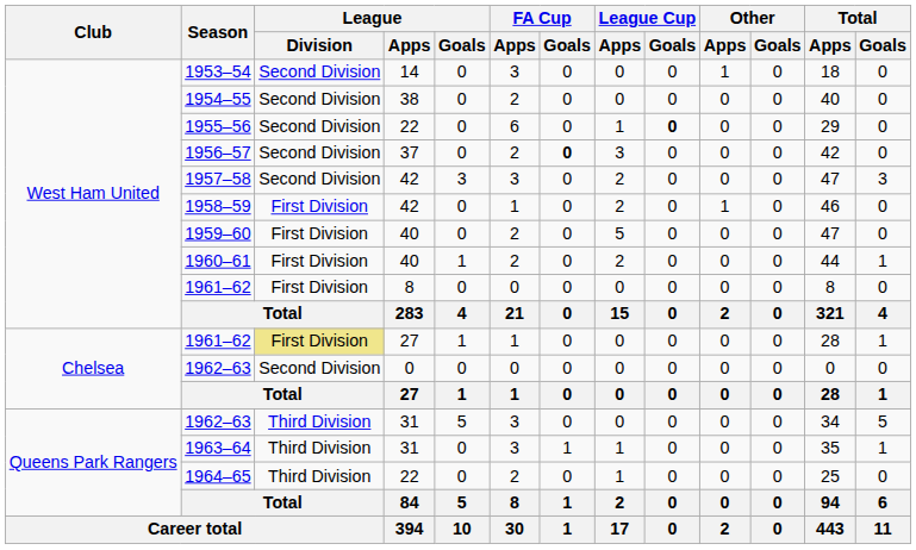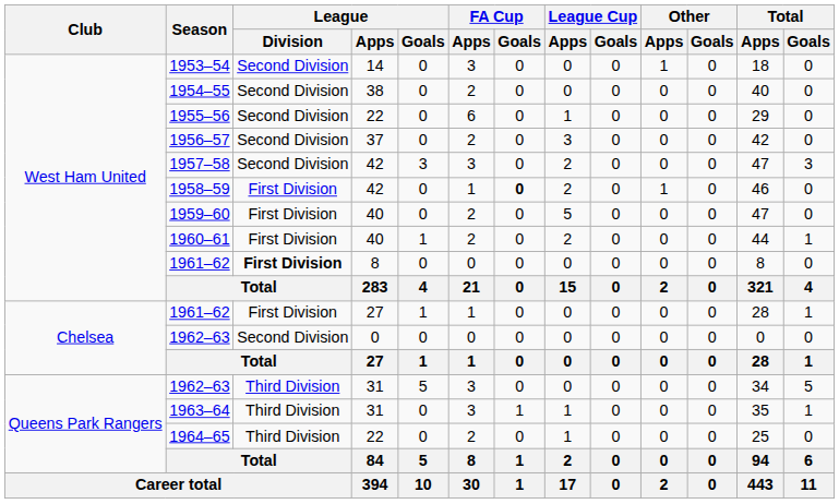 <table class="wikitable" style="text-align:center">
 <tr>
 <th rowspan="2">Club</th>
 <th rowspan="2">Season</th>
 <th colspan="3">League</th>
 <th colspan="2"><a href='#'>FA Cup</a></th>
 <th colspan="2"><a href='#'>League Cup</a></th>
 <th colspan="2">Other</th>
 <th colspan="2">Total</th>
 </tr>
 <tr>
 <th>Division</th>
 <th>Apps</th>
 <th>Goals</th>
 <th>Apps</th>
 <th>Goals</th>
 <th>Apps</th>
 <th>Goals</th>
 <th>Apps</th>
 <th>Goals</th>
 <th>Apps</th>
 <th>Goals</th>
 </tr>
 <tr>
 <td rowspan="10"><a href='#'>West Ham United</a></td>
 <td><a href='#'>1953–54</a></td>
 <td><a href='#'>Second Division</a></td>
 <td>14</td>
 <td>0</td>
 <td>3</td>
 <td>0</td>
 <td>0</td>
 <td>0</td>
 <td>1</td>
 <td>0</td>
 <td>18</td>
 <td>0</td>
 </tr>
 <tr>
 <td><a href='#'>1954–55</a></td>
 <td>Second Division</td>
 <td>38</td>
 <td>0</td>
 <td>2</td>
 <td>0</td>
 <td>0</td>
 <td>0</td>
 <td>0</td>
 <td>0</td>
 <td>40</td>
 <td>0</td>
 </tr>
 <tr>
 <td><a href='#'>1955–56</a></td>
 <td>Second Division</td>
 <td>22</td>
 <td>0</td>
 <td>6</td>
 <td>0</td>
 <td>1</td>
-<td><strong>0</strong></td>
+<td>0</td>
 <td>0</td>
 <td>0</td>
 <td>29</td>
 <td>0</td>
 </tr>
 <tr>
 <td><a href='#'>1956–57</a></td>
 <td>Second Division</td>
 <td>37</td>
 <td>0</td>
 <td>2</td>
-<td><strong>0</strong></td>
+<td>0</td>
 <td>3</td>
 <td>0</td>
 <td>0</td>
 <td>0</td>
 <td>42</td>
 <td>0</td>
 </tr>
 <tr>
 <td><a href='#'>1957–58</a></td>
 <td>Second Division</td>
 <td>42</td>
 <td>3</td>
 <td>3</td>
 <td>0</td>
 <td>2</td>
 <td>0</td>
 <td>0</td>
 <td>0</td>
 <td>47</td>
 <td>3</td>
 </tr>
 <tr>
 <td><a href='#'>1958–59</a></td>
 <td><a href='#'>First Division</a></td>
 <td>42</td>
 <td>0</td>
 <td>1</td>
-<td>0</td>
+<td><strong>0</strong></td>
 <td>2</td>
 <td>0</td>
 <td>1</td>
 <td>0</td>
 <td>46</td>
 <td>0</td>
 </tr>
 <tr>
 <td><a href='#'>1959–60</a></td>
 <td>First Division</td>
 <td>40</td>
 <td>0</td>
 <td>2</td>
 <td>0</td>
 <td>5</td>
 <td>0</td>
 <td>0</td>
 <td>0</td>
 <td>47</td>
 <td>0</td>
 </tr>
 <tr>
 <td><a href='#'>1960–61</a></td>
 <td>First Division</td>
 <td>40</td>
 <td>1</td>
 <td>2</td>
 <td>0</td>
 <td>2</td>
 <td>0</td>
 <td>0</td>
 <td>0</td>
 <td>44</td>
 <td>1</td>
 </tr>
 <tr>
 <td><a href='#'>1961–62</a></td>
-<td>First Division</td>
+<td><strong>First Division</strong></td>
 <td>8</td>
 <td>0</td>
 <td>0</td>
 <td>0</td>
 <td>0</td>
 <td>0</td>
 <td>0</td>
 <td>0</td>
 <td>8</td>
 <td>0</td>
 </tr>
 <tr>
 <th colspan="2">Total</th>
 <th>283</th>
 <th>4</th>
 <th>21</th>
 <th>0</th>
 <th>15</th>
 <th>0</th>
 <th>2</th>
 <th>0</th>
 <th>321</th>
 <th>4</th>
 </tr>
 <tr>
 <td rowspan="3"><a href='#'>Chelsea</a></td>
 <td><a href='#'>1961–62</a></td>
-<td style="background: khaki;">First Division</td>
+<td>First Division</td>
 <td>27</td>
 <td>1</td>
 <td>1</td>
 <td>0</td>
 <td>0</td>
 <td>0</td>
 <td>0</td>
 <td>0</td>
 <td>28</td>
 <td>1</td>
 </tr>
 <tr>
 <td><a href='#'>1962–63</a></td>
 <td>Second Division</td>
 <td>0</td>
 <td>0</td>
 <td>0</td>
 <td>0</td>
 <td>0</td>
 <td>0</td>
 <td>0</td>
 <td>0</td>
 <td>0</td>
 <td>0</td>
 </tr>
 <tr>
 <th colspan="2">Total</th>
 <th>27</th>
 <th>1</th>
 <th>1</th>
 <th>0</th>
 <th>0</th>
 <th>0</th>
 <th>0</th>
 <th>0</th>
 <th>28</th>
 <th>1</th>
 </tr>
 <tr>
 <td rowspan="4"><a href='#'>Queens Park Rangers</a></td>
 <td><a href='#'>1962–63</a></td>
 <td><a href='#'>Third Division</a></td>
 <td>31</td>
 <td>5</td>
 <td>3</td>
 <td>0</td>
 <td>0</td>
 <td>0</td>
 <td>0</td>
 <td>0</td>
 <td>34</td>
 <td>5</td>
 </tr>
 <tr>
 <td><a href='#'>1963–64</a></td>
 <td>Third Division</td>
 <td>31</td>
 <td>0</td>
 <td>3</td>
 <td>1</td>
 <td>1</td>
 <td>0</td>
 <td>0</td>
 <td>0</td>
 <td>35</td>
 <td>1</td>
 </tr>
 <tr>
 <td><a href='#'>1964–65</a></td>
 <td>Third Division</td>
 <td>22</td>
 <td>0</td>
 <td>2</td>
 <td>0</td>
 <td>1</td>
 <td>0</td>
 <td>0</td>
 <td>0</td>
 <td>25</td>
 <td>0</td>
 </tr>
 <tr>
 <th colspan="2">Total</th>
 <th>84</th>
 <th>5</th>
 <th>8</th>
 <th>1</th>
 <th>2</th>
 <th>0</th>
 <th>0</th>
 <th>0</th>
 <th>94</th>
 <th>6</th>
 </tr>
 <tr>
 <th colspan="3">Career total</th>
 <th>394</th>
 <th>10</th>
 <th>30</th>
 <th>1</th>
 <th>17</th>
 <th>0</th>
 <th>2</th>
 <th>0</th>
 <th>443</th>
 <th>11</th>
 </tr>
 </table>
